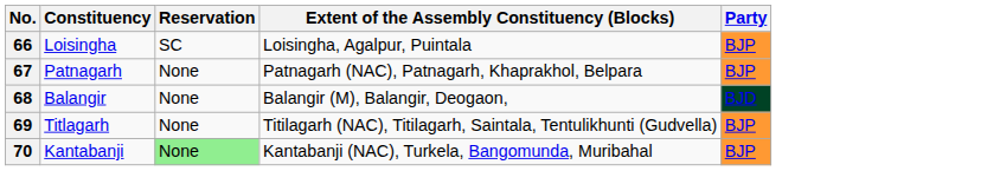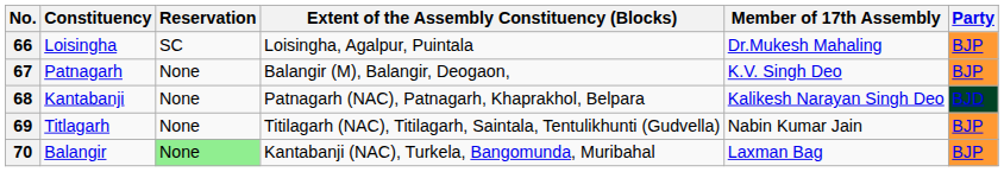 <table class="wikitable sortable">
 <tr>
 <th>No.</th>
 <th>Constituency</th>
 <th>Reservation</th>
 <th>Extent of the Assembly Constituency (Blocks)</th>
+<th>Member of 17th Assembly</th>
 <th><a href='#'>Party</a></th>
 </tr>
 <tr>
 <th>66</th>
 <td><a href='#'>Loisingha</a></td>
 <td>SC</td>
 <td>Loisingha, Agalpur, Puintala</td>
+<td><a href='#'>Dr.Mukesh Mahaling</a></td>
 <td style="background:#f93;"><a href='#'>BJP</a></td>
 </tr>
 <tr>
 <th>67</th>
 <td><a href='#'>Patnagarh</a></td>
 <td>None</td>
-<td>Patnagarh (NAC), Patnagarh, Khaprakhol, Belpara</td>
+<td>Balangir (M), Balangir, Deogaon,</td>
+<td><a href='#'>K.V. Singh Deo</a></td>
 <td style="background:#f93;"><a href='#'>BJP</a></td>
 </tr>
 <tr>
 <th>68</th>
-<td><a href='#'>Balangir</a></td>
+<td><a href='#'>Kantabanji</a></td>
 <td>None</td>
-<td>Balangir (M), Balangir, Deogaon,</td>
+<td>Patnagarh (NAC), Patnagarh, Khaprakhol, Belpara</td>
+<td><a href='#'>Kalikesh Narayan Singh Deo</a></td>
 <td style="background:#004225;"><a href='#'><span>BJD</span></a></td>
 </tr>
 <tr>
 <th>69</th>
 <td><a href='#'>Titlagarh</a></td>
 <td>None</td>
 <td>Titilagarh (NAC), Titilagarh, Saintala, Tentulikhunti (Gudvella)</td>
+<td>Nabin Kumar Jain</td>
 <td style="background:#f93;"><a href='#'>BJP</a></td>
 </tr>
 <tr>
 <th>70</th>
-<td><a href='#'>Kantabanji</a></td>
+<td><a href='#'>Balangir</a></td>
 <td style="background: lightgreen;">None</td>
 <td>Kantabanji (NAC), Turkela, <a href='#'>Bangomunda</a>, Muribahal</td>
+<td><a href='#'>Laxman Bag</a></td>
 <td style="background:#f93;"><a href='#'>BJP</a></td>
 </tr>
 </table>
